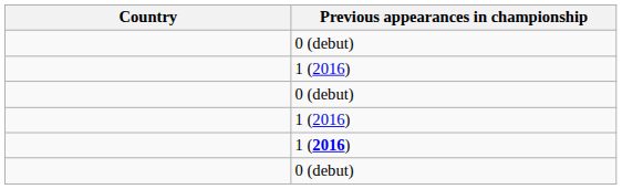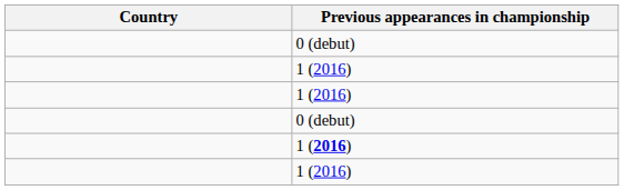 <table class="wikitable sortable">
 <tr>
 <th width=10%>Country</th>
 <th width=10%>Previous appearances in championship</th>
 </tr>
 <tr>
 <td></td>
 <td>0 (debut)</td>
 </tr>
 <tr>
 <td></td>
 <td>1 (<a href='#'>2016</a>)</td>
 </tr>
 <tr>
 <td></td>
-<td>0 (debut)</td>
+<td>1 (<a href='#'>2016</a>)</td>
 </tr>
 <tr>
 <td></td>
-<td>1 (<a href='#'>2016</a>)</td>
+<td>0 (debut)</td>
 </tr>
 <tr>
 <td></td>
 <td>1 (<strong><a href='#'>2016</a></strong>)</td>
 </tr>
 <tr>
 <td></td>
-<td>0 (debut)</td>
+<td>1 (<a href='#'>2016</a>)</td>
 </tr>
 </table>
